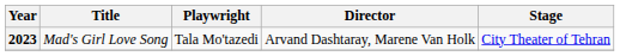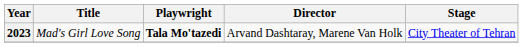 <table class="wikitable plainrowheaders sortable"  style=font-size:100%>
 <tr>
 <th scope="col">Year</th>
 <th scope="col">Title</th>
 <th scope="col">Playwright</th>
 <th scope="col">Director</th>
 <th scope="col">Stage</th>
 </tr>
 <tr>
 <th scope=row>2023</th>
 <td><em>Mad's Girl Love Song</em></td>
-<td>Tala Mo'tazedi</td>
+<td><strong>Tala Mo'tazedi</strong></td>
 <td>Arvand Dashtaray, Marene Van Holk</td>
 <td><a href='#'>City Theater of Tehran</a></td>
 </tr>
 <tr>
 </tr>
 </table>
